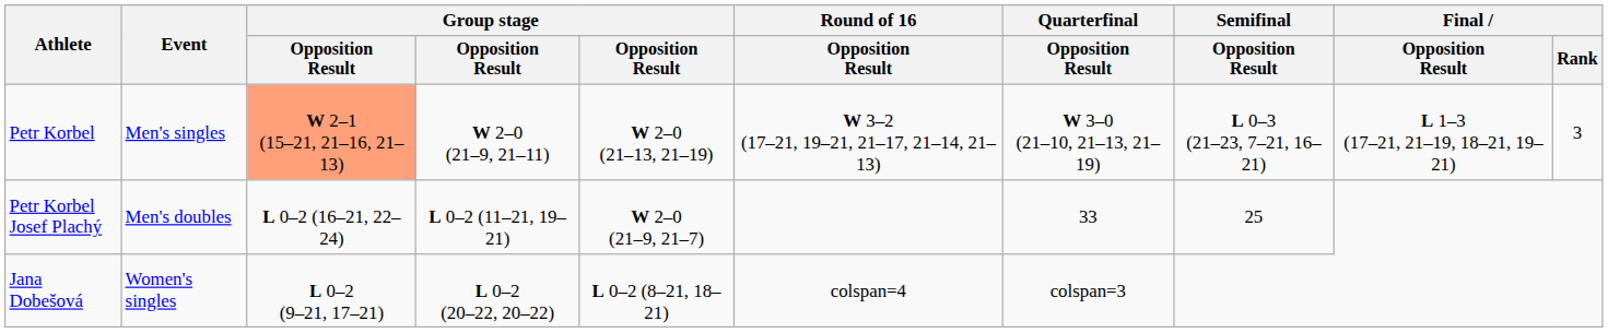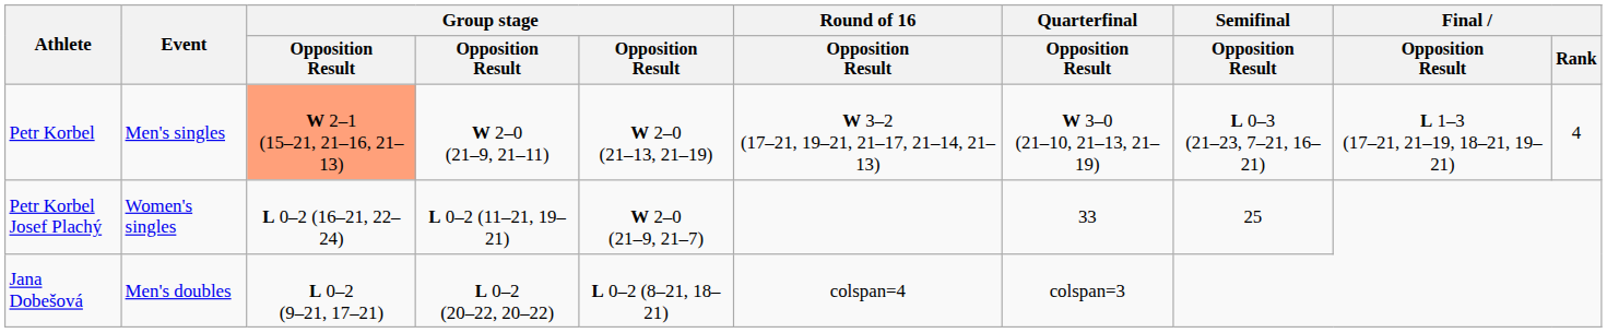 <table class="wikitable" style="font-size:90%;">
 <tr>
 <th rowspan=2>Athlete</th>
 <th rowspan=2>Event</th>
 <th colspan=3>Group stage</th>
 <th>Round of 16</th>
 <th>Quarterfinal</th>
 <th>Semifinal</th>
 <th colspan=2>Final / </th>
 </tr>
 <tr style="font-size:95%">
 <th>Opposition<br>Result</th>
 <th>Opposition<br>Result</th>
 <th>Opposition<br>Result</th>
 <th>Opposition<br>Result</th>
 <th>Opposition<br>Result</th>
 <th>Opposition<br>Result</th>
 <th>Opposition<br>Result</th>
 <th>Rank</th>
 </tr>
 <tr align=center>
 <td align=left><a href='#'>Petr Korbel</a></td>
 <td align=left><a href='#'>Men's singles</a></td>
 <td style="background: lightsalmon;"><br><strong>W</strong> 2–1<br>(15–21, 21–16, 21–13)</td>
 <td><br><strong>W</strong> 2–0<br>(21–9, 21–11)</td>
 <td><br><strong>W</strong> 2–0<br>(21–13, 21–19)</td>
 <td><br><strong>W</strong> 3–2<br>(17–21, 19–21, 21–17, 21–14, 21–13)</td>
 <td><br><strong>W</strong> 3–0<br>(21–10, 21–13, 21–19)</td>
 <td><br><strong>L</strong> 0–3<br>(21–23, 7–21, 16–21)</td>
 <td><br><strong>L</strong> 1–3<br>(17–21, 21–19, 18–21, 19–21)</td>
-<td>3</td>
+<td>4</td>
 </tr>
 <tr align=center>
 <td align=left><a href='#'>Petr Korbel</a><br><a href='#'>Josef Plachý</a></td>
-<td align=left><a href='#'>Men's doubles</a></td>
+<td align=left><a href='#'>Women's singles</a></td>
 <td><br><strong>L</strong> 0–2 (16–21, 22–24)</td>
 <td><br><strong>L</strong> 0–2 (11–21, 19–21)</td>
 <td><br><strong>W</strong> 2–0<br>(21–9, 21–7)</td>
 <td></td>
 <td>33</td>
 <td>25</td>
 </tr>
 <tr align=center>
 <td align=left><a href='#'>Jana Dobešová</a></td>
-<td align=left><a href='#'>Women's singles</a></td>
+<td align=left><a href='#'>Men's doubles</a></td>
 <td><br><strong>L</strong> 0–2<br>(9–21, 17–21)</td>
 <td><br><strong>L</strong> 0–2<br>(20–22, 20–22)</td>
 <td><br><strong>L</strong> 0–2 (8–21, 18–21)</td>
 <td>colspan=4 </td>
 <td>colspan=3 </td>
 </tr>
 </table>
